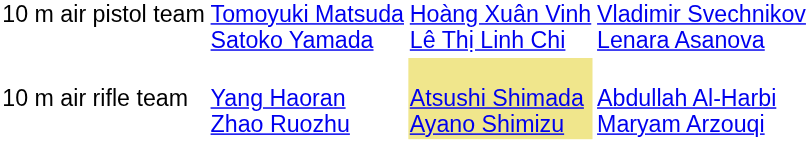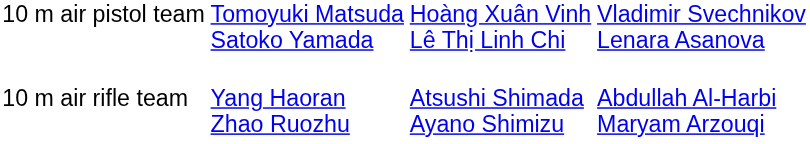 <table>
 <tr>
 <td>10 m air pistol team</td>
 <td><br><a href='#'>Tomoyuki Matsuda</a><br><a href='#'>Satoko Yamada</a></td>
 <td><br><a href='#'>Hoàng Xuân Vinh</a><br><a href='#'>Lê Thị Linh Chi</a></td>
 <td><br><a href='#'>Vladimir Svechnikov</a><br><a href='#'>Lenara Asanova</a></td>
 </tr>
 <tr>
 <td>10 m air rifle team</td>
 <td><br><a href='#'>Yang Haoran</a><br><a href='#'>Zhao Ruozhu</a></td>
-<td style="background: khaki;"><br><a href='#'>Atsushi Shimada</a><br><a href='#'>Ayano Shimizu</a></td>
+<td><br><a href='#'>Atsushi Shimada</a><br><a href='#'>Ayano Shimizu</a></td>
 <td><br><a href='#'>Abdullah Al-Harbi</a><br><a href='#'>Maryam Arzouqi</a></td>
 </tr>
 </table>
